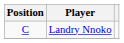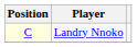 <table class="wikitable" style="text-align: center;">
 <tr>
 <th>Position</th>
 <th>Player</th>
 <th></th>
 </tr>
 <tr>
-<td><a href='#'>C</a></td>
+<td style="background: lightyellow;"><a href='#'>C</a></td>
 <td style="text-align:left"> <a href='#'>Landry Nnoko</a></td>
 <td></td>
 </tr>
 <tr>
 </tr>
 </table>
